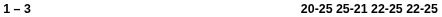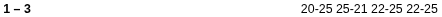 <table width=100% cellspacing=1>
 <tr>
 <th width=20%></th>
 <th width=12%></th>
 <th width=20%></th>
 <th width=33%></th>
 <td></td>
 </tr>
 <tr style=font-size:90%>
 <td align=right></td>
 <td align=center><strong>1 – 3</strong></td>
 <td></td>
-<td><strong>20-25 25-21 22-25 22-25</strong></td>
+<td>20-25 25-21 22-25 22-25</td>
 </tr>
 </table>
